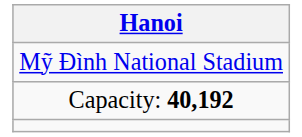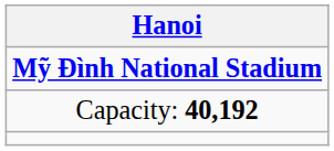 <table class="wikitable" style="text-align:center; margin:1em auto;">
 <tr>
 <th><a href='#'>Hanoi</a></th>
 </tr>
 <tr>
-<td><a href='#'>Mỹ Đình National Stadium</a></td>
+<td><strong><a href='#'>Mỹ Đình National Stadium</a></strong></td>
 </tr>
 <tr>
 <td>Capacity: <strong>40,192</strong></td>
 </tr>
 <tr>
 <td align="center"></td>
 </tr>
 </table>
